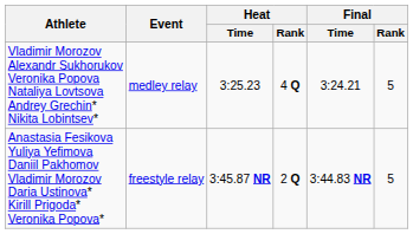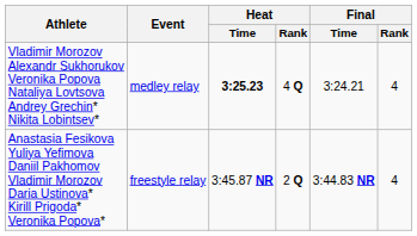 <table class=wikitable style="font-size:90%">
 <tr>
 <th rowspan="2">Athlete</th>
 <th rowspan="2">Event</th>
 <th colspan="2">Heat</th>
 <th colspan="2">Final</th>
 </tr>
 <tr style="font-size:95%">
 <th>Time</th>
 <th>Rank</th>
 <th>Time</th>
 <th>Rank</th>
 </tr>
 <tr align=center>
 <td align=left><a href='#'>Vladimir Morozov</a><br><a href='#'>Alexandr Sukhorukov</a><br><a href='#'>Veronika Popova</a><br><a href='#'>Nataliya Lovtsova</a><br><a href='#'>Andrey Grechin</a>*<br><a href='#'>Nikita Lobintsev</a>*</td>
 <td align=left><a href='#'> medley relay</a></td>
-<td>3:25.23</td>
+<td><strong>3:25.23</strong></td>
 <td>4 <strong>Q</strong></td>
 <td>3:24.21</td>
-<td>5</td>
+<td>4</td>
 </tr>
 <tr align=center>
 <td align=left><a href='#'>Anastasia Fesikova</a><br><a href='#'>Yuliya Yefimova</a><br><a href='#'>Daniil Pakhomov</a><br><a href='#'>Vladimir Morozov</a><br><a href='#'>Daria Ustinova</a>*<br><a href='#'>Kirill Prigoda</a>*<br><a href='#'>Veronika Popova</a>*</td>
 <td align=left><a href='#'> freestyle relay</a></td>
 <td>3:45.87 <strong><a href='#'>NR</a></strong></td>
 <td>2 <strong>Q</strong></td>
 <td>3:44.83 <strong><a href='#'>NR</a></strong></td>
-<td>5</td>
+<td>4</td>
 </tr>
 </table>
